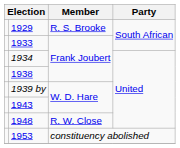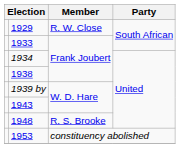 <table class="wikitable">
 <tr>
 <th colspan="2">Election</th>
 <th>Member</th>
 <th>Party</th>
 </tr>
 <tr>
 <td style="background-color: "></td>
 <td><a href='#'>1929</a></td>
-<td><a href='#'>R. S. Brooke</a></td>
+<td><a href='#'>R. W. Close</a></td>
 <td rowspan="2"><a href='#'>South African</a></td>
 </tr>
 <tr>
 <td style="background-color: "></td>
 <td><a href='#'>1933</a></td>
 <td rowspan="3"><a href='#'>Frank Joubert</a></td>
 </tr>
 <tr>
 <td style="background-color: "></td>
 <td><em>1934</em></td>
 <td rowspan="5"><a href='#'>United</a></td>
 </tr>
 <tr>
 <td style="background-color: "></td>
 <td><a href='#'>1938</a></td>
 </tr>
 <tr>
 <td style="background-color: "></td>
 <td><em>1939 by</em></td>
 <td rowspan="2"><a href='#'>W. D. Hare</a></td>
 </tr>
 <tr>
 <td style="background-color: "></td>
 <td><a href='#'>1943</a></td>
 </tr>
 <tr>
 <td style="background-color: "></td>
 <td><a href='#'>1948</a></td>
-<td><a href='#'>R. W. Close</a></td>
+<td><a href='#'>R. S. Brooke</a></td>
 </tr>
 <tr>
 <td style="background-color: "></td>
 <td><a href='#'>1953</a></td>
 <td colspan="2"><em>constituency abolished</em></td>
 </tr>
 <tr>
 </tr>
 </table>
